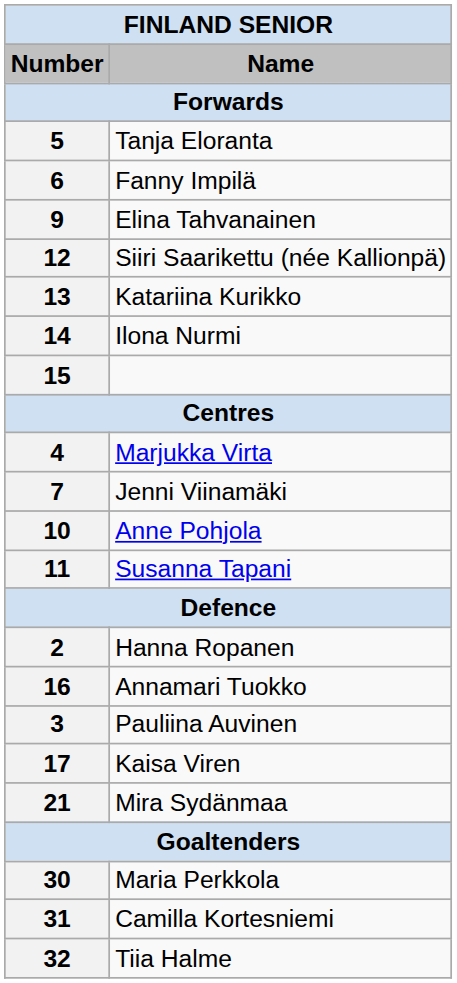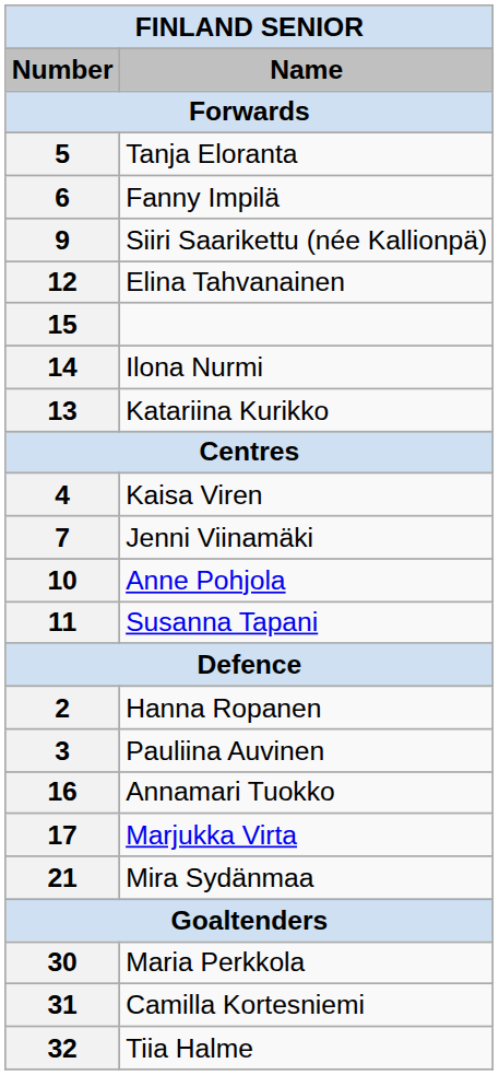 <table class="wikitable" style="text-align:left; font-size:90%;">
 <tr ⁣>
 <th style=background:#CEE0F2 colspan=2><span>FINLAND SENIOR</span>⁣</th>
 </tr>
 <tr>
 <th style="background:silver;">Number⁣</th>
 <th style="background:silver;">Name⁣</th>
 </tr>
 <tr ⁣>
 <th style=background:#CEE0F2 colspan=2><span>Forwards</span>⁣</th>
 </tr>
 <tr ⁣>
 <th>5⁣</th>
 <td>Tanja Eloranta⁣⁣</td>
 </tr>
 <tr ⁣>
 <th>6⁣</th>
 <td>Fanny Impilä⁣⁣</td>
 </tr>
 <tr ⁣>
 <th>9⁣</th>
+<td>Siiri Saarikettu (née Kallionpä)</td>
+</tr>
+<tr ⁣>
+<th>12⁣</th>
 <td>Elina Tahvanainen⁣⁣</td>
 </tr>
 <tr ⁣>
-<th>12⁣</th>
-<td>Siiri Saarikettu (née Kallionpä)</td>
+<th>15⁣</th>
+<td></td>
+</tr>
+<tr ⁣>
+<th>14⁣</th>
+<td>Ilona Nurmi⁣</td>
 </tr>
 <tr ⁣>
 <th>13⁣</th>
 <td>Katariina Kurikko⁣⁣</td>
 </tr>
 <tr ⁣>
-<th>14⁣</th>
-<td>Ilona Nurmi⁣</td>
-</tr>
-<tr ⁣>
-<th>15⁣</th>
-<td></td>
-</tr>
-<tr ⁣>
 <th style=background:#CEE0F2 colspan=2><span>Centres</span>⁣</th>
 </tr>
 <tr ⁣⁣>
 <th>4⁣</th>
-<td><a href='#'>Marjukka Virta</a></td>
+<td>Kaisa Viren⁣⁣</td>
 </tr>
 <tr ⁣>
 <th>7⁣</th>
 <td>Jenni Viinamäki⁣⁣</td>
 </tr>
 <tr ⁣>
 <th>10⁣</th>
 <td><a href='#'>Anne Pohjola</a></td>
 </tr>
 <tr ⁣>
 <th>11⁣</th>
 <td><a href='#'>Susanna Tapani</a>⁣⁣</td>
 </tr>
 <tr ⁣>
 <th style=background:#CEE0F2 colspan=2><span>Defence</span>⁣</th>
 </tr>
 <tr ⁣>
 <th>2⁣</th>
 <td>Hanna Ropanen⁣⁣</td>
 </tr>
 <tr ⁣>
+<th>3⁣</th>
+<td>Pauliina Auvinen⁣⁣</td>
+</tr>
+<tr ⁣>
 <th>16⁣</th>
 <td>Annamari Tuokko⁣⁣</td>
 </tr>
 <tr ⁣>
-<th>3⁣</th>
-<td>Pauliina Auvinen⁣⁣</td>
-</tr>
-<tr ⁣>
 <th>17⁣</th>
-<td>Kaisa Viren⁣⁣</td>
+<td><a href='#'>Marjukka Virta</a></td>
 </tr>
 <tr ⁣>
 <th>21⁣</th>
 <td>Mira Sydänmaa⁣⁣</td>
 </tr>
 <tr ⁣>
 <th style=background:#CEE0F2 colspan=2><span>Goaltenders</span>⁣</th>
 </tr>
 <tr ⁣>
 <th>30⁣</th>
 <td>Maria Perkkola⁣</td>
 </tr>
 <tr ⁣>
 <th>31⁣</th>
 <td>Camilla Kortesniemi⁣</td>
 </tr>
 <tr ⁣>
 <th>32⁣</th>
 <td>Tiia Halme⁣⁣</td>
 </tr>
 </table>
